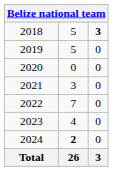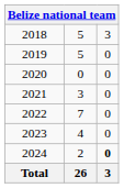 <table class="wikitable" style="text-align:center">
 <tr>
 <th colspan=3><a href='#'>Belize national team</a></th>
 </tr>
 <tr>
 <td>2018</td>
 <td>5</td>
-<td><strong>3</strong></td>
+<td>3</td>
 </tr>
 <tr>
 <td>2019</td>
 <td>5</td>
 <td>0</td>
 </tr>
 <tr>
 <td>2020</td>
 <td>0</td>
 <td>0</td>
 </tr>
 <tr>
 <td>2021</td>
 <td>3</td>
 <td>0</td>
 </tr>
 <tr>
 <td>2022</td>
 <td>7</td>
 <td>0</td>
 </tr>
 <tr>
 <td>2023</td>
 <td>4</td>
 <td>0</td>
 </tr>
 <tr>
 <td>2024</td>
-<td><strong>2</strong></td>
-<td>0</td>
+<td>2</td>
+<td><strong>0</strong></td>
 </tr>
 <tr>
 <th>Total</th>
 <th>26</th>
 <th>3</th>
 </tr>
 </table>
